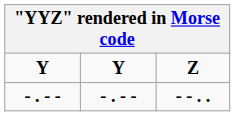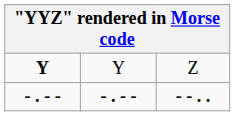 <table class="wikitable" style="width:200px; margin:auto;">
 <tr>
 <th colspan="3">"YYZ" rendered in <a href='#'>Morse code</a></th>
 </tr>
 <tr style="text-align:center;">
 <td><strong>Y</strong></td>
-<td><strong>Y</strong></td>
-<td><strong>Z</strong></td>
+<td>Y</td>
+<td>Z</td>
 </tr>
 <tr style="text-align:center;">
 <td><strong>- . - -</strong></td>
 <td><strong>- . - -</strong></td>
 <td><strong>- - . .</strong></td>
 </tr>
 </table>
